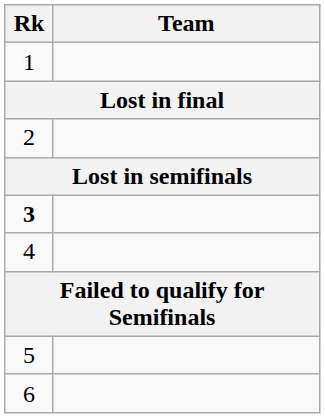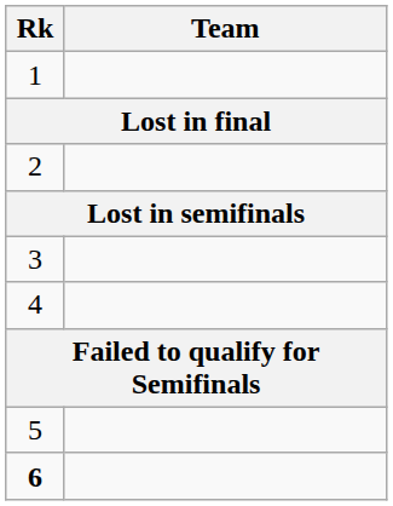 <table class=wikitable style=text-align:center>
 <tr>
 <th width=25>Rk</th>
 <th width=170>Team</th>
 </tr>
 <tr>
 <td>1</td>
 <td align=left></td>
 </tr>
 <tr>
 <th colspan="6">Lost in final</th>
 </tr>
 <tr>
 <td>2</td>
 <td align=left></td>
 </tr>
 <tr>
 <th colspan="6">Lost in semifinals</th>
 </tr>
 <tr>
-<td><strong>3</strong></td>
+<td>3</td>
 <td align=left></td>
 </tr>
 <tr>
 <td>4</td>
 <td align=left></td>
 </tr>
 <tr>
 <th colspan="6">Failed to qualify for Semifinals</th>
 </tr>
 <tr>
 <td>5</td>
 <td align=left></td>
 </tr>
 <tr>
-<td>6</td>
+<td><strong>6</strong></td>
 <td align=left></td>
 </tr>
 </table>
